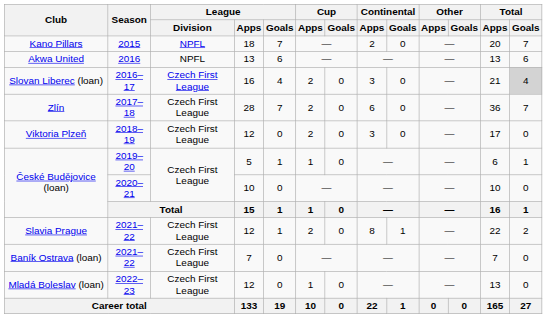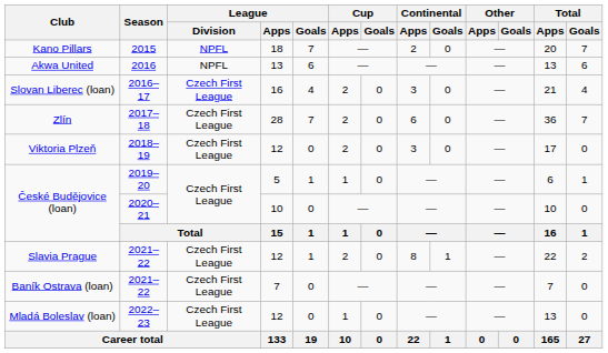 <table class="wikitable" style="text-align:center">
 <tr>
 <th rowspan="2">Club</th>
 <th rowspan="2">Season</th>
 <th colspan="3">League</th>
 <th colspan="2">Cup</th>
 <th colspan="2">Continental</th>
 <th colspan="2">Other</th>
 <th colspan="2">Total</th>
 </tr>
 <tr>
 <th>Division</th>
 <th>Apps</th>
 <th>Goals</th>
 <th>Apps</th>
 <th>Goals</th>
 <th>Apps</th>
 <th>Goals</th>
 <th>Apps</th>
 <th>Goals</th>
 <th>Apps</th>
 <th>Goals</th>
 </tr>
 <tr>
 <td><a href='#'>Kano Pillars</a></td>
 <td><a href='#'>2015</a></td>
 <td><a href='#'>NPFL</a></td>
 <td>18</td>
 <td>7</td>
 <td colspan="2">—</td>
 <td>2</td>
 <td>0</td>
 <td colspan="2">—</td>
 <td>20</td>
 <td>7</td>
 </tr>
 <tr>
 <td><a href='#'>Akwa United</a></td>
 <td><a href='#'>2016</a></td>
 <td>NPFL</td>
 <td>13</td>
 <td>6</td>
 <td colspan="2">—</td>
 <td colspan="2">—</td>
 <td colspan="2">—</td>
 <td>13</td>
 <td>6</td>
 </tr>
 <tr>
 <td><a href='#'>Slovan Liberec</a> (loan)</td>
 <td><a href='#'>2016–17</a></td>
 <td><a href='#'>Czech First League</a></td>
 <td>16</td>
 <td>4</td>
 <td>2</td>
 <td>0</td>
 <td>3</td>
 <td>0</td>
 <td colspan="2">—</td>
 <td>21</td>
-<td style="background: lightgrey;">4</td>
+<td>4</td>
 </tr>
 <tr>
 <td><a href='#'>Zlín</a></td>
 <td><a href='#'>2017–18</a></td>
 <td>Czech First League</td>
 <td>28</td>
 <td>7</td>
 <td>2</td>
 <td>0</td>
 <td>6</td>
 <td>0</td>
 <td colspan="2">—</td>
 <td>36</td>
 <td>7</td>
 </tr>
 <tr>
 <td><a href='#'>Viktoria Plzeň</a></td>
 <td><a href='#'>2018–19</a></td>
 <td>Czech First League</td>
 <td>12</td>
 <td>0</td>
 <td>2</td>
 <td>0</td>
 <td>3</td>
 <td>0</td>
 <td colspan="2">—</td>
 <td>17</td>
 <td>0</td>
 </tr>
 <tr>
 <td rowspan="3"><a href='#'>České Budějovice</a> (loan)</td>
 <td><a href='#'>2019–20</a></td>
 <td rowspan="2">Czech First League</td>
 <td>5</td>
 <td>1</td>
 <td>1</td>
 <td>0</td>
 <td colspan="2">—</td>
 <td colspan="2">—</td>
 <td>6</td>
 <td>1</td>
 </tr>
 <tr>
 <td><a href='#'>2020–21</a></td>
 <td>10</td>
 <td>0</td>
 <td colspan="2">—</td>
 <td colspan="2">—</td>
 <td colspan="2">—</td>
 <td>10</td>
 <td>0</td>
 </tr>
 <tr>
 <th colspan="2">Total</th>
 <th>15</th>
 <th>1</th>
 <th>1</th>
 <th>0</th>
 <th colspan="2">—</th>
 <th colspan="2">—</th>
 <th>16</th>
 <th>1</th>
 </tr>
 <tr>
 <td><a href='#'>Slavia Prague</a></td>
 <td><a href='#'>2021–22</a></td>
 <td>Czech First League</td>
 <td>12</td>
 <td>1</td>
 <td>2</td>
 <td>0</td>
 <td>8</td>
 <td>1</td>
 <td colspan="2">—</td>
 <td>22</td>
 <td>2</td>
 </tr>
 <tr>
 <td><a href='#'>Baník Ostrava</a> (loan)</td>
 <td><a href='#'>2021–22</a></td>
 <td>Czech First League</td>
 <td>7</td>
 <td>0</td>
 <td colspan="2">—</td>
 <td colspan="2">—</td>
 <td colspan="2">—</td>
 <td>7</td>
 <td>0</td>
 </tr>
 <tr>
 <td><a href='#'>Mladá Boleslav</a> (loan)</td>
 <td><a href='#'>2022–23</a></td>
 <td>Czech First League</td>
 <td>12</td>
 <td>0</td>
 <td>1</td>
 <td>0</td>
 <td colspan="2">—</td>
 <td colspan="2">—</td>
 <td>13</td>
 <td>0</td>
 </tr>
 <tr>
 <th colspan="3">Career total</th>
 <th>133</th>
 <th>19</th>
 <th>10</th>
 <th>0</th>
 <th>22</th>
 <th>1</th>
 <th>0</th>
 <th>0</th>
 <th>165</th>
 <th>27</th>
 </tr>
 </table>
